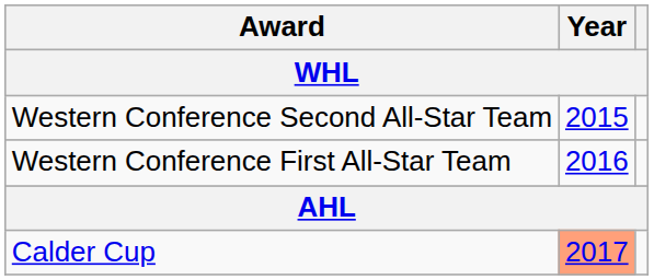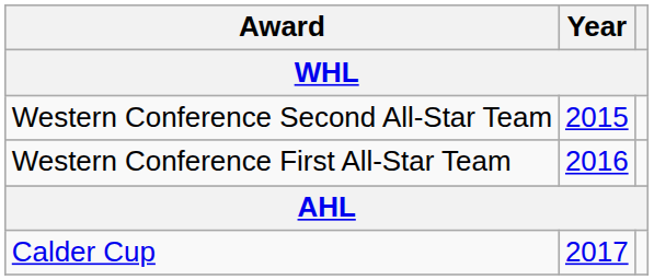 <table class="wikitable">
 <tr>
 <th>Award</th>
 <th>Year</th>
 <th></th>
 </tr>
 <tr>
 <th colspan="3"><a href='#'>WHL</a></th>
 </tr>
 <tr>
 <td>Western Conference Second All-Star Team</td>
 <td><a href='#'>2015</a></td>
 <td></td>
 </tr>
 <tr>
 <td>Western Conference First All-Star Team</td>
 <td><a href='#'>2016</a></td>
 <td></td>
 </tr>
 <tr>
 <th colspan="3"><a href='#'>AHL</a></th>
 </tr>
 <tr>
 <td><a href='#'>Calder Cup</a></td>
-<td style="background: lightsalmon;"><a href='#'>2017</a></td>
+<td><a href='#'>2017</a></td>
 <td></td>
 </tr>
 </table>
